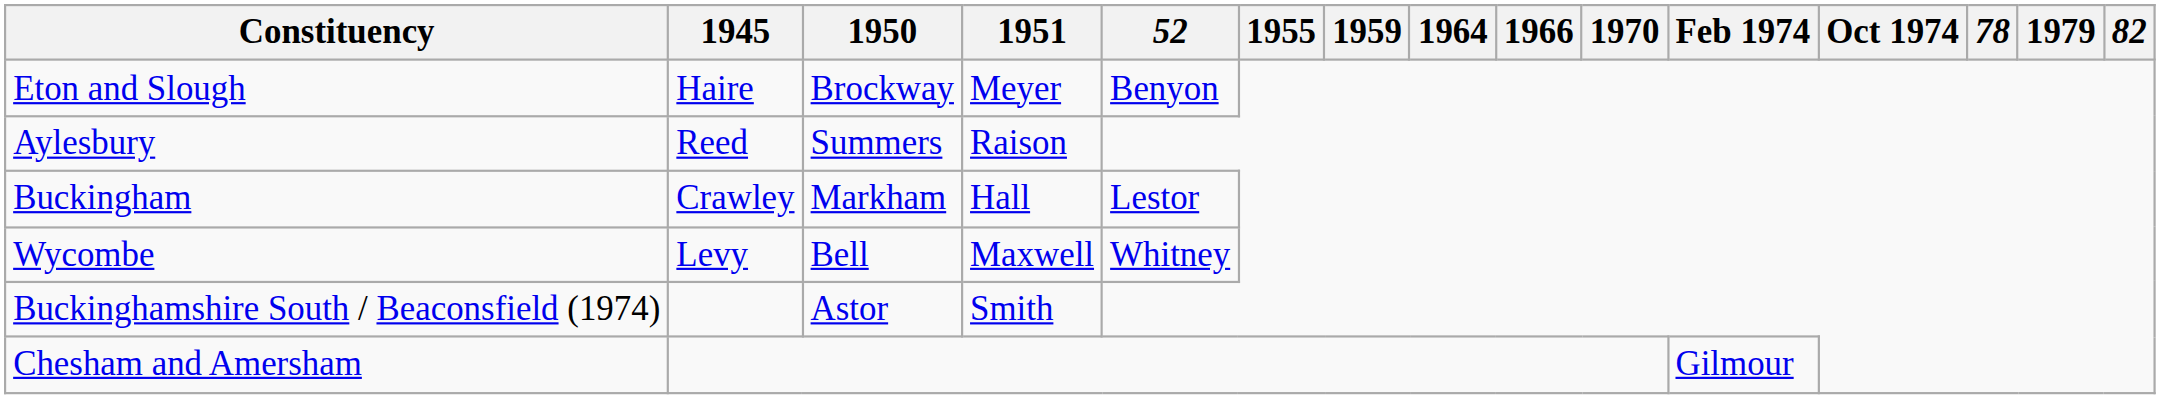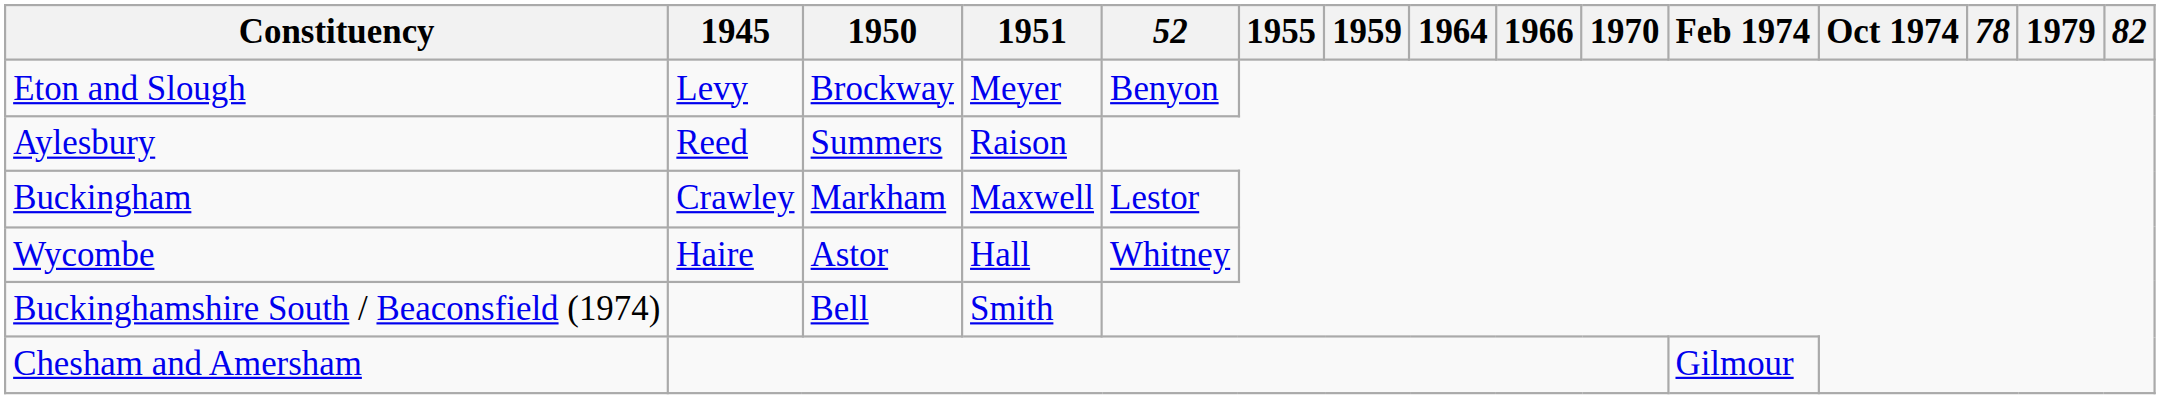 <table class="wikitable">
 <tr>
 <th>Constituency</th>
 <th>1945</th>
 <th>1950</th>
 <th>1951</th>
 <th><em>52</em></th>
 <th>1955</th>
 <th>1959</th>
 <th>1964</th>
 <th>1966</th>
 <th>1970</th>
 <th>Feb 1974</th>
 <th>Oct 1974</th>
 <th><em>78</em></th>
 <th>1979</th>
 <th><em>82</em></th>
 </tr>
 <tr>
 <td><a href='#'>Eton and Slough</a></td>
-<td><a href='#'>Haire</a></td>
+<td><a href='#'>Levy</a></td>
 <td><a href='#'>Brockway</a></td>
 <td><a href='#'>Meyer</a></td>
 <td><a href='#'>Benyon</a></td>
 </tr>
 <tr>
 <td><a href='#'>Aylesbury</a></td>
 <td><a href='#'>Reed</a></td>
 <td><a href='#'>Summers</a></td>
 <td><a href='#'>Raison</a></td>
 </tr>
 <tr>
 <td><a href='#'>Buckingham</a></td>
 <td><a href='#'>Crawley</a></td>
 <td><a href='#'>Markham</a></td>
-<td><a href='#'>Hall</a></td>
+<td><a href='#'>Maxwell</a></td>
 <td><a href='#'>Lestor</a></td>
 </tr>
 <tr>
 <td><a href='#'>Wycombe</a></td>
-<td><a href='#'>Levy</a></td>
-<td><a href='#'>Bell</a></td>
-<td><a href='#'>Maxwell</a></td>
+<td><a href='#'>Haire</a></td>
+<td><a href='#'>Astor</a></td>
+<td><a href='#'>Hall</a></td>
 <td><a href='#'>Whitney</a></td>
 </tr>
 <tr>
 <td><a href='#'>Buckinghamshire South</a> / <a href='#'>Beaconsfield</a> (1974)</td>
 <td></td>
-<td><a href='#'>Astor</a></td>
+<td><a href='#'>Bell</a></td>
 <td><a href='#'>Smith</a></td>
 </tr>
 <tr>
 <td><a href='#'>Chesham and Amersham</a></td>
 <td colspan="9"></td>
 <td><a href='#'>Gilmour</a></td>
 </tr>
 </table>
